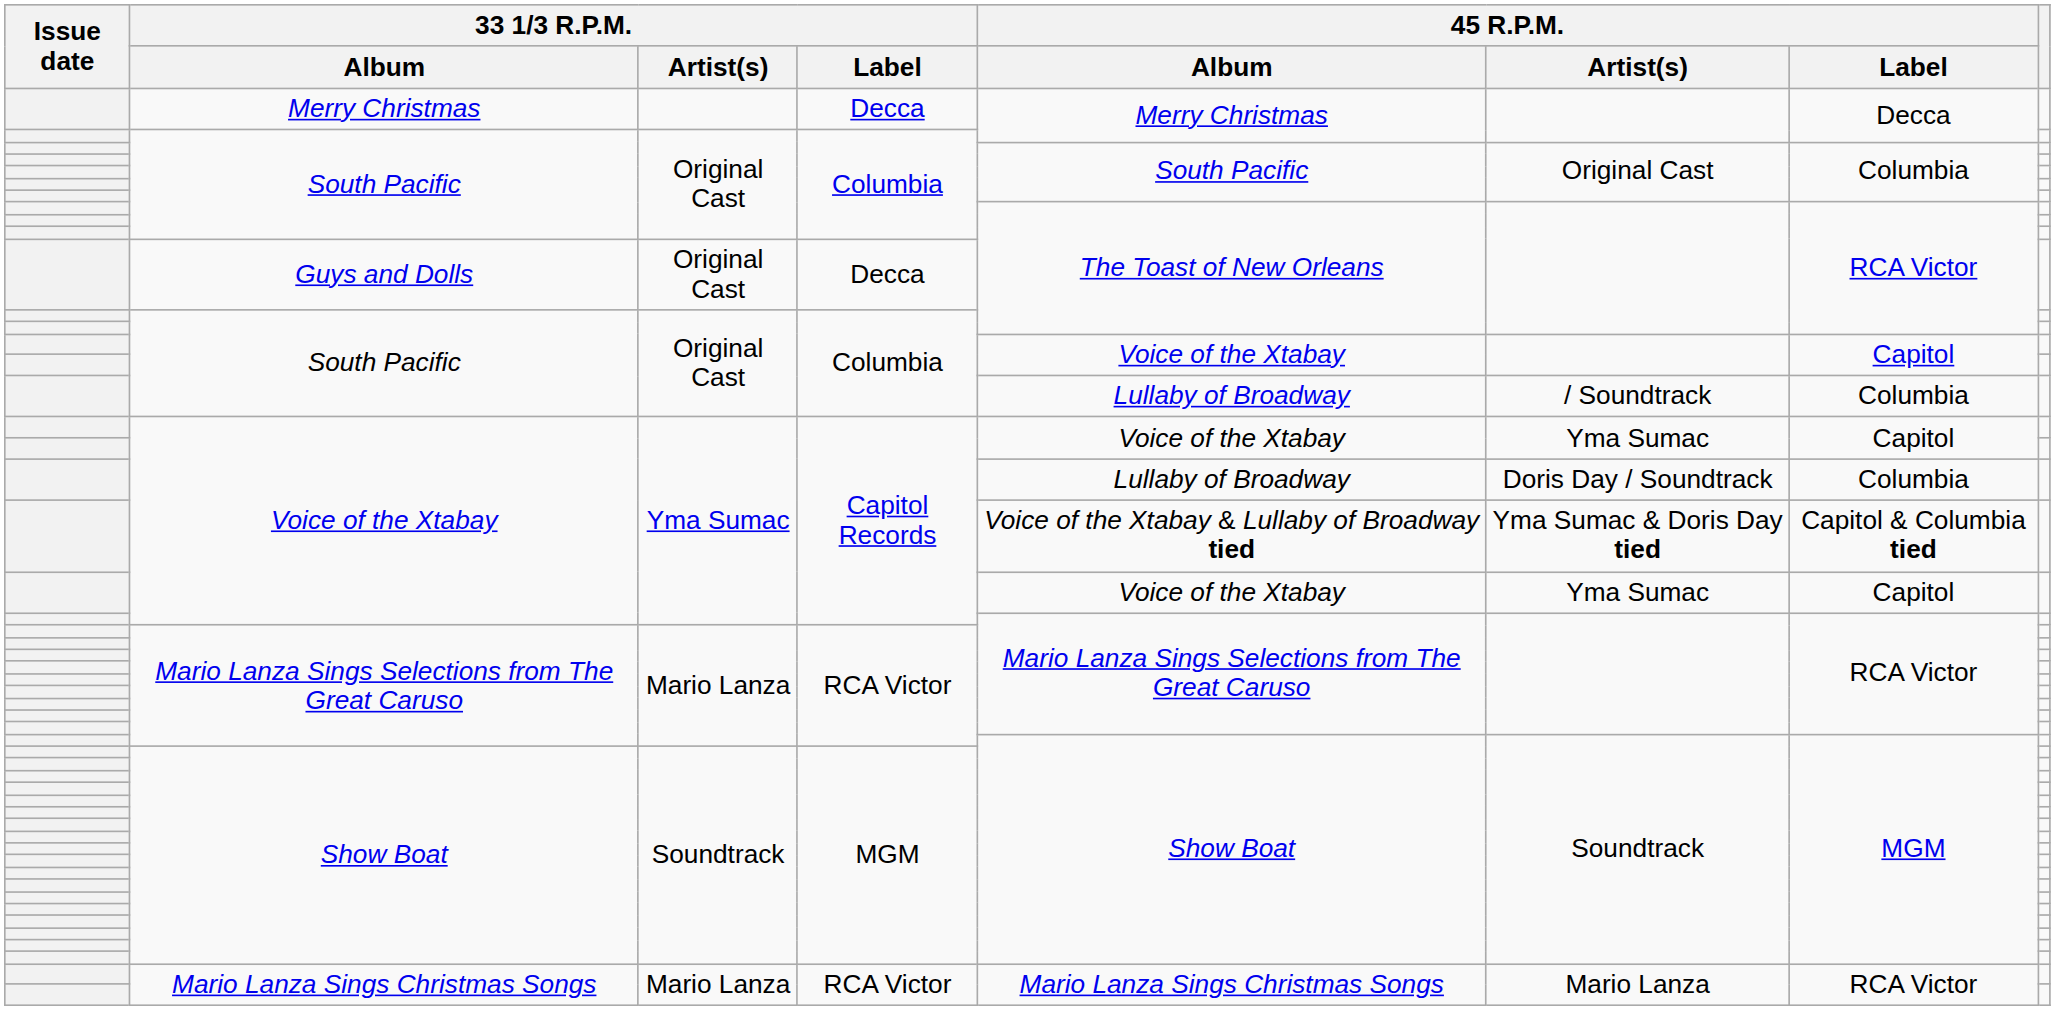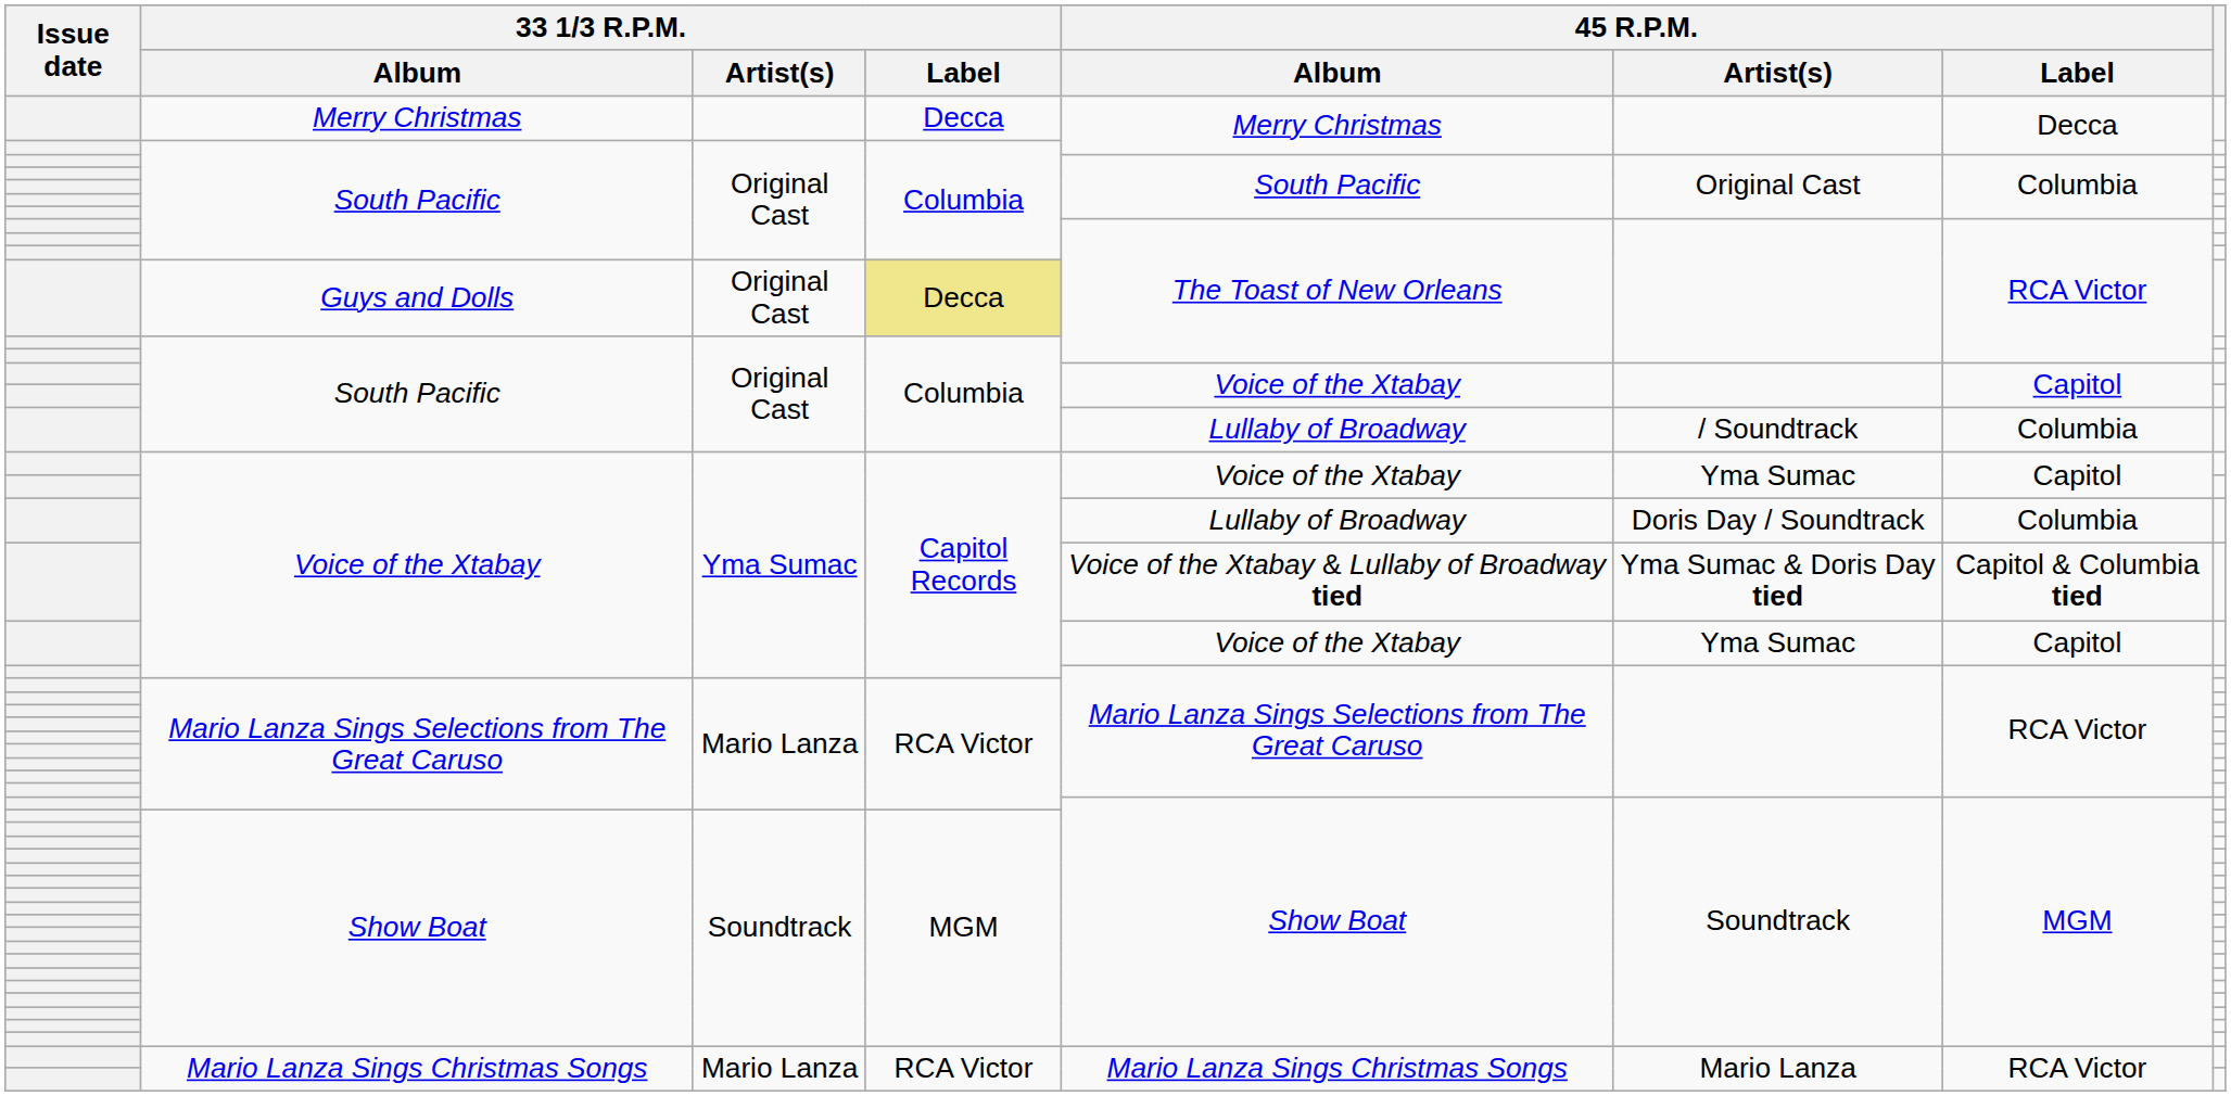 <table class="wikitable sortable plainrowheaders" style="text-align: center">
 <tr>
 <th scope=col rowspan=2>Issue date</th>
 <th scope=col colspan=3>33 1/3 R.P.M.</th>
 <th scope=col colspan=3>45 R.P.M.</th>
 <th scope=col rowspan=2 class=unsortable></th>
 </tr>
 <tr>
 <th scope=col>Album</th>
 <th scope=col>Artist(s)</th>
 <th scope=col>Label</th>
 <th scope=col>Album</th>
 <th scope=col>Artist(s)</th>
 <th scope=col>Label</th>
 </tr>
 <tr>
 <th scope="row"></th>
 <td><em><a href='#'>Merry Christmas</a></em></td>
 <td></td>
 <td><a href='#'>Decca</a></td>
 <td rowspan="2"><em><a href='#'>Merry Christmas</a></em></td>
 <td rowspan="2"></td>
 <td rowspan="2">Decca</td>
 <td style="text-align: center;"></td>
 </tr>
 <tr>
 <th scope="row"></th>
 <td rowspan="9"><em><a href='#'>South Pacific</a></em></td>
 <td rowspan="9">Original Cast</td>
 <td rowspan="9"><a href='#'>Columbia</a></td>
 <td style="text-align: center;"></td>
 </tr>
 <tr>
 <th scope="row"></th>
 <td rowspan="5"><em><a href='#'>South Pacific</a></em></td>
 <td rowspan="5">Original Cast</td>
 <td rowspan="5">Columbia</td>
 <td style="text-align: center;"></td>
 </tr>
 <tr>
 <th scope="row"></th>
 <td style="text-align: center;"></td>
 </tr>
 <tr>
 <th scope="row"></th>
 <td style="text-align: center;"></td>
 </tr>
 <tr>
 <th scope="row"></th>
 <td style="text-align: center;"></td>
 </tr>
 <tr>
 <th scope="row"></th>
 <td style="text-align: center;"></td>
 </tr>
 <tr>
 <th scope="row"></th>
 <td rowspan="6"><em><a href='#'>The Toast of New Orleans</a></em></td>
 <td rowspan="6"></td>
 <td rowspan="6"><a href='#'>RCA Victor</a></td>
 <td style="text-align: center;"></td>
 </tr>
 <tr>
 <th scope="row"></th>
 <td style="text-align: center;"></td>
 </tr>
 <tr>
 <th scope="row"></th>
 <td style="text-align: center;"></td>
 </tr>
 <tr>
 <th scope="row"></th>
 <td><em><a href='#'>Guys and Dolls</a></em></td>
 <td>Original Cast</td>
-<td>Decca</td>
+<td style="background: khaki;">Decca</td>
 <td style="text-align: center;"></td>
 </tr>
 <tr>
 <th scope="row"></th>
 <td rowspan="5"><em>South Pacific</em></td>
 <td rowspan="5">Original Cast</td>
 <td rowspan="5">Columbia</td>
 <td style="text-align: center;"></td>
 </tr>
 <tr>
 <th scope="row"></th>
 <td style="text-align: center;"></td>
 </tr>
 <tr>
 <th scope="row"></th>
 <td rowspan="2"><em><a href='#'>Voice of the Xtabay</a></em></td>
 <td rowspan="2"></td>
 <td rowspan="2"><a href='#'>Capitol</a></td>
 <td style="text-align: center;"></td>
 </tr>
 <tr>
 <th scope="row"></th>
 <td style="text-align: center;"></td>
 </tr>
 <tr>
 <th scope="row"></th>
 <td><em><a href='#'>Lullaby of Broadway</a></em></td>
 <td> / Soundtrack</td>
 <td>Columbia</td>
 <td style="text-align: center;"></td>
 </tr>
 <tr>
 <th scope="row"></th>
 <td rowspan="6"><em><a href='#'>Voice of the Xtabay</a></em></td>
 <td data-sort-value="Sumac, Yma" rowspan="6"><a href='#'>Yma Sumac</a></td>
 <td rowspan="6"><a href='#'>Capitol Records</a></td>
 <td rowspan="2"><em>Voice of the Xtabay</em></td>
 <td data-sort-value="Sumac, Yma" rowspan="2">Yma Sumac</td>
 <td rowspan="2">Capitol</td>
 <td style="text-align: center;"></td>
 </tr>
 <tr>
 <th scope="row"></th>
 <td style="text-align: center;"></td>
 </tr>
 <tr>
 <th scope="row"></th>
 <td><em>Lullaby of Broadway</em></td>
 <td data-sort-value="Day, Doris">Doris Day / Soundtrack</td>
 <td>Columbia</td>
 <td style="text-align: center;"></td>
 </tr>
 <tr>
 <th scope="row"></th>
 <td><em>Voice of the Xtabay</em> &  <em>Lullaby of Broadway</em> <strong>tied</strong></td>
 <td data-sort-value="Sumac, Yma">Yma Sumac & Doris Day <strong>tied</strong></td>
 <td>Capitol & Columbia <strong>tied</strong></td>
 <td style="text-align: center;"></td>
 </tr>
 <tr>
 <th scope="row"></th>
 <td><em>Voice of the Xtabay</em></td>
 <td data-sort-value="Sumac, Yma">Yma Sumac</td>
 <td>Capitol</td>
 <td style="text-align: center;"></td>
 </tr>
 <tr>
 <th scope="row"></th>
 <td rowspan="10"><em><a href='#'>Mario Lanza Sings Selections from The Great Caruso</a></em></td>
 <td rowspan="10"></td>
 <td rowspan="10">RCA Victor</td>
 <td style="text-align: center;"></td>
 </tr>
 <tr>
 <th scope="row"></th>
 <td rowspan="10"><em><a href='#'>Mario Lanza Sings Selections from The Great Caruso</a></em></td>
 <td data-sort-value="Lanza, Mario" rowspan="10">Mario Lanza</td>
 <td rowspan="10">RCA Victor</td>
 <td style="text-align: center;"></td>
 </tr>
 <tr>
 <th scope="row"></th>
 <td style="text-align: center;"></td>
 </tr>
 <tr>
 <th scope="row"></th>
 <td style="text-align: center;"></td>
 </tr>
 <tr>
 <th scope="row"></th>
 <td style="text-align: center;"></td>
 </tr>
 <tr>
 <th scope="row"></th>
 <td style="text-align: center;"></td>
 </tr>
 <tr>
 <th scope="row"></th>
 <td style="text-align: center;"></td>
 </tr>
 <tr>
 <th scope="row"></th>
 <td style="text-align: center;"></td>
 </tr>
 <tr>
 <th scope="row"></th>
 <td style="text-align: center;"></td>
 </tr>
 <tr>
 <th scope="row"></th>
 <td style="text-align: center;"></td>
 </tr>
 <tr>
 <th scope="row"></th>
 <td rowspan="19"><em><a href='#'>Show Boat</a></em></td>
 <td rowspan="19">Soundtrack</td>
 <td rowspan="19"><a href='#'>MGM</a></td>
 <td style="text-align: center;"></td>
 </tr>
 <tr>
 <th scope="row"></th>
 <td rowspan="18"><em><a href='#'>Show Boat</a></em></td>
 <td rowspan="18">Soundtrack</td>
 <td rowspan="18">MGM</td>
 <td style="text-align: center;"></td>
 </tr>
 <tr>
 <th scope="row"></th>
 <td style="text-align: center;"></td>
 </tr>
 <tr>
 <th scope="row"></th>
 <td style="text-align: center;"></td>
 </tr>
 <tr>
 <th scope="row"></th>
 <td style="text-align: center;"></td>
 </tr>
 <tr>
 <th scope="row"></th>
 <td style="text-align: center;"></td>
 </tr>
 <tr>
 <th scope="row"></th>
 <td style="text-align: center;"></td>
 </tr>
 <tr>
 <th scope="row"></th>
 <td style="text-align: center;"></td>
 </tr>
 <tr>
 <th scope="row"></th>
 <td style="text-align: center;"></td>
 </tr>
 <tr>
 <th scope="row"></th>
 <td style="text-align: center;"></td>
 </tr>
 <tr>
 <th scope="row"></th>
 <td style="text-align: center;"></td>
 </tr>
 <tr>
 <th scope="row"></th>
 <td style="text-align: center;"></td>
 </tr>
 <tr>
 <th scope="row"></th>
 <td style="text-align: center;"></td>
 </tr>
 <tr>
 <th scope="row"></th>
 <td style="text-align: center;"></td>
 </tr>
 <tr>
 <th scope="row"></th>
 <td style="text-align: center;"></td>
 </tr>
 <tr>
 <th scope="row"></th>
 <td style="text-align: center;"></td>
 </tr>
 <tr>
 <th scope="row"></th>
 <td style="text-align: center;"></td>
 </tr>
 <tr>
 <th scope="row"></th>
 <td style="text-align: center;"></td>
 </tr>
 <tr>
 <th scope="row"></th>
 <td style="text-align: center;"></td>
 </tr>
 <tr>
 <th scope="row"></th>
 <td rowspan="2"><em><a href='#'>Mario Lanza Sings Christmas Songs</a></em></td>
 <td data-sort-value="Lanza, Mario" rowspan="2">Mario Lanza</td>
 <td rowspan="2">RCA Victor</td>
 <td rowspan="2"><em><a href='#'>Mario Lanza Sings Christmas Songs</a></em></td>
 <td data-sort-value="Lanza, Mario" rowspan="2">Mario Lanza</td>
 <td rowspan="2">RCA Victor</td>
 <td style="text-align: center;"></td>
 </tr>
 <tr>
 <th scope="row"></th>
 <td style="text-align: center;"></td>
 </tr>
 </table>
